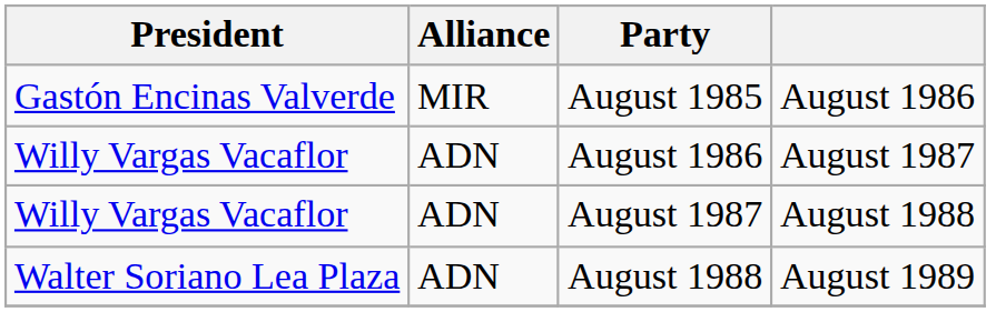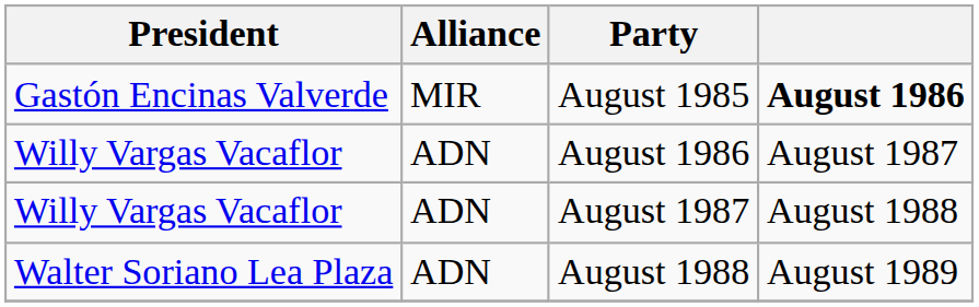 <table class="wikitable">
 <tr>
 <th>President</th>
 <th>Alliance</th>
 <th>Party</th>
 <th></th>
 </tr>
 <tr>
 <td><a href='#'>Gastón Encinas Valverde</a></td>
 <td>MIR</td>
 <td>August 1985</td>
-<td>August 1986</td>
+<td><strong>August 1986</strong></td>
 </tr>
 <tr>
 <td><a href='#'>Willy Vargas Vacaflor</a></td>
 <td>ADN</td>
 <td>August 1986</td>
 <td>August 1987</td>
 </tr>
 <tr>
 <td><a href='#'>Willy Vargas Vacaflor</a></td>
 <td>ADN</td>
 <td>August 1987</td>
 <td>August 1988</td>
 </tr>
 <tr>
 <td><a href='#'>Walter Soriano Lea Plaza</a></td>
 <td>ADN</td>
 <td>August 1988</td>
 <td>August 1989</td>
 </tr>
 <tr>
 </tr>
 </table>
